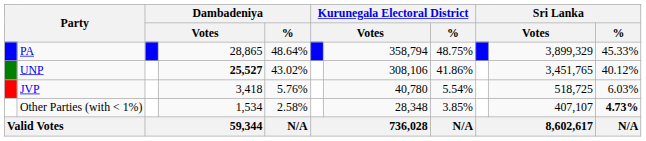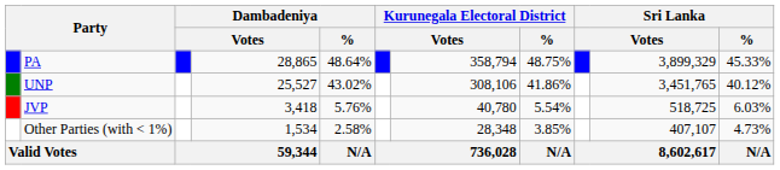 <table class="wikitable">
 <tr>
 <th colspan="2" width="144px"rowspan="2">Party</th>
 <th colspan="3" width="216px">Dambadeniya</th>
 <th colspan="3" width="216px"><a href='#'>Kurunegala Electoral District</a></th>
 <th colspan="3" width="216px">Sri Lanka</th>
 </tr>
 <tr>
 <th colspan="2" width="144px">Votes</th>
 <th>%</th>
 <th colspan="2" width="144px">Votes</th>
 <th>%</th>
 <th colspan="2" width="144px">Votes</th>
 <th>%</th>
 </tr>
 <tr>
 <td style="background-color:blue;" width="10px"></td>
 <td style="text-align:left;"><a href='#'>PA</a></td>
 <td style="background-color:blue;" width="10px"></td>
 <td style="text-align:right;">28,865</td>
 <td style="text-align:right;">48.64%</td>
 <td style="background-color:blue;" width="10px"></td>
 <td style="text-align:right;">358,794</td>
 <td style="text-align:right;">48.75%</td>
 <td style="background-color:blue;" width="10px"></td>
 <td style="text-align:right;">3,899,329</td>
 <td style="text-align:right;">45.33%</td>
 </tr>
 <tr>
 <td style="background-color:green;" width="10px"></td>
 <td style="text-align:left;"><a href='#'>UNP</a></td>
 <td style="background-color:white;" width="10px"></td>
-<td style="text-align:right;"><strong>25,527</strong></td>
+<td style="text-align:right;">25,527</td>
 <td style="text-align:right;">43.02%</td>
 <td style="background-color:white;" width="10px"></td>
 <td style="text-align:right;">308,106</td>
 <td style="text-align:right;">41.86%</td>
 <td style="background-color:white;" width="10px"></td>
 <td style="text-align:right;">3,451,765</td>
 <td style="text-align:right;">40.12%</td>
 </tr>
 <tr>
 <td style="background-color:red;" width="10px"></td>
 <td style="text-align:left;"><a href='#'>JVP</a></td>
 <td style="background-color:white;" width="10px"></td>
 <td style="text-align:right;">3,418</td>
 <td style="text-align:right;">5.76%</td>
 <td style="background-color:white;" width="10px"></td>
 <td style="text-align:right;">40,780</td>
 <td style="text-align:right;">5.54%</td>
 <td style="background-color:white;" width="10px"></td>
 <td style="text-align:right;">518,725</td>
 <td style="text-align:right;">6.03%</td>
 </tr>
 <tr>
 <td style="background-color:white;" width="10px"></td>
 <td style="text-align:left;">Other Parties (with < 1%)</td>
 <td style="background-color:white;" width="10px"></td>
 <td style="text-align:right;">1,534</td>
 <td style="text-align:right;">2.58%</td>
 <td style="background-color:white;" width="10px"></td>
 <td style="text-align:right;">28,348</td>
 <td style="text-align:right;">3.85%</td>
 <td style="background-color:white;" width="10px"></td>
 <td style="text-align:right;">407,107</td>
-<td style="text-align:right;"><strong>4.73%</strong></td>
+<td style="text-align:right;">4.73%</td>
 </tr>
 <tr>
 <th colspan="2" width="144px"style="text-align:left;">Valid Votes</th>
 <th style="text-align:right;"colspan="2" width="144px">59,344</th>
 <th style="text-align:right;">N/A</th>
 <th style="text-align:right;"colspan="2" width="144px">736,028</th>
 <th style="text-align:right;">N/A</th>
 <th style="text-align:right;"colspan="2" width="144px">8,602,617</th>
 <th style="text-align:right;">N/A</th>
 </tr>
 </table>
